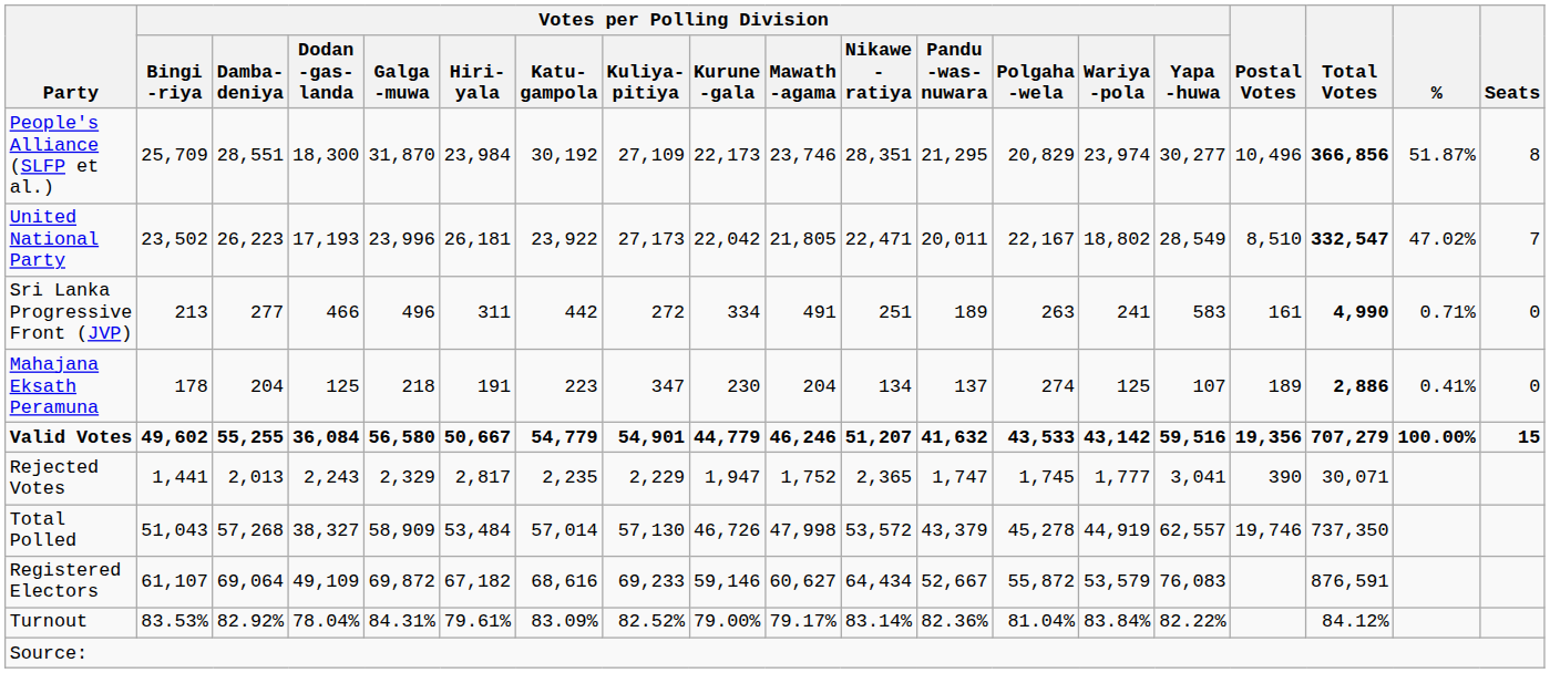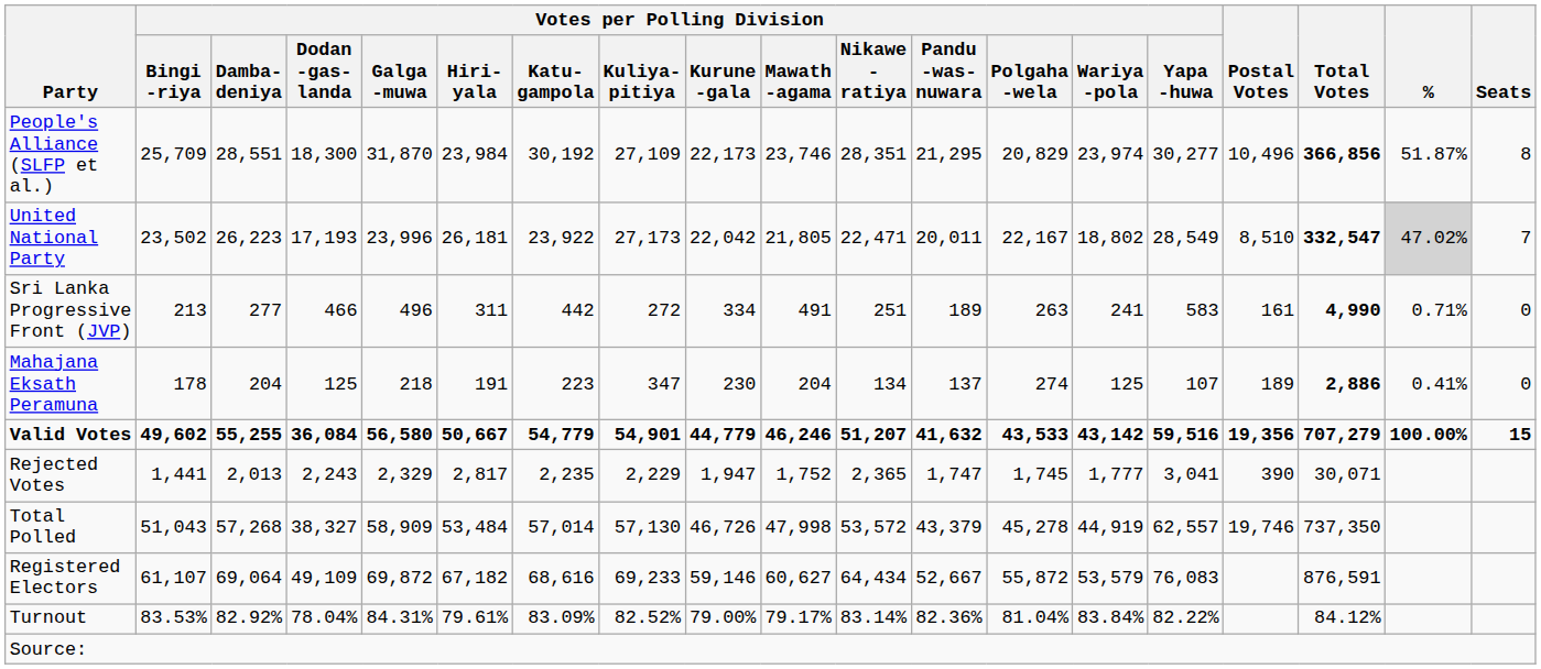 <table class="wikitable" border="1" style="text-align:right;">
 <tr>
 <th align=left valign=bottom rowspan=2 width="180">Party</th>
 <th colspan=14>Votes per Polling Division</th>
 <th align=center valign=bottom rowspan=2 width="50">Postal<br>Votes</th>
 <th align=center valign=bottom rowspan=2 width="50">Total Votes</th>
 <th align=center valign=bottom rowspan=2 width="50">%</th>
 <th align=center valign=bottom rowspan=2 width="40">Seats</th>
 </tr>
 <tr>
 <th align=center valign=bottom width="50">Bingi<br>-riya</th>
 <th align=center valign=bottom width="50">Damba-<br>deniya</th>
 <th align=center valign=bottom width="50">Dodan<br>-gas-<br>landa</th>
 <th align=center valign=bottom width="50">Galga<br>-muwa</th>
 <th align=center valign=bottom width="50">Hiri-<br>yala</th>
 <th align=center valign=bottom width="50">Katu-<br>gampola</th>
 <th align=center valign=bottom width="50">Kuliya-<br>pitiya</th>
 <th align=center valign=bottom width="50">Kurune<br>-gala</th>
 <th align=center valign=bottom width="50">Mawath<br>-agama</th>
 <th align=center valign=bottom width="50">Nikawe<br>-ratiya</th>
 <th align=center valign=bottom width="50">Pandu<br>-was-<br>nuwara</th>
 <th align=center valign=bottom width="50">Polgaha<br>-wela</th>
 <th align=center valign=bottom width="50">Wariya<br>-pola</th>
 <th align=center valign=bottom width="50">Yapa<br>-huwa</th>
 </tr>
 <tr>
 <td align=left><a href='#'>People's Alliance</a> (<a href='#'>SLFP</a> et al.)</td>
 <td>25,709</td>
 <td>28,551</td>
 <td>18,300</td>
 <td>31,870</td>
 <td>23,984</td>
 <td>30,192</td>
 <td>27,109</td>
 <td>22,173</td>
 <td>23,746</td>
 <td>28,351</td>
 <td>21,295</td>
 <td>20,829</td>
 <td>23,974</td>
 <td>30,277</td>
 <td>10,496</td>
 <td><strong>366,856</strong></td>
 <td>51.87%</td>
 <td>8</td>
 </tr>
 <tr>
 <td align=left><a href='#'>United National Party</a></td>
 <td>23,502</td>
 <td>26,223</td>
 <td>17,193</td>
 <td>23,996</td>
 <td>26,181</td>
 <td>23,922</td>
 <td>27,173</td>
 <td>22,042</td>
 <td>21,805</td>
 <td>22,471</td>
 <td>20,011</td>
 <td>22,167</td>
 <td>18,802</td>
 <td>28,549</td>
 <td>8,510</td>
 <td><strong>332,547</strong></td>
-<td>47.02%</td>
+<td style="background: lightgrey;">47.02%</td>
 <td>7</td>
 </tr>
 <tr>
 <td align=left>Sri Lanka Progressive Front (<a href='#'>JVP</a>)</td>
 <td>213</td>
 <td>277</td>
 <td>466</td>
 <td>496</td>
 <td>311</td>
 <td>442</td>
 <td>272</td>
 <td>334</td>
 <td>491</td>
 <td>251</td>
 <td>189</td>
 <td>263</td>
 <td>241</td>
 <td>583</td>
 <td>161</td>
 <td><strong>4,990</strong></td>
 <td>0.71%</td>
 <td>0</td>
 </tr>
 <tr>
 <td align=left><a href='#'>Mahajana Eksath Peramuna</a></td>
 <td>178</td>
 <td>204</td>
 <td>125</td>
 <td>218</td>
 <td>191</td>
 <td>223</td>
 <td>347</td>
 <td>230</td>
 <td>204</td>
 <td>134</td>
 <td>137</td>
 <td>274</td>
 <td>125</td>
 <td>107</td>
 <td>189</td>
 <td><strong>2,886</strong></td>
 <td>0.41%</td>
 <td>0</td>
 </tr>
 <tr>
 <td align=left><strong>Valid Votes</strong></td>
 <td><strong>49,602</strong></td>
 <td><strong>55,255</strong></td>
 <td><strong>36,084</strong></td>
 <td><strong>56,580</strong></td>
 <td><strong>50,667</strong></td>
 <td><strong>54,779</strong></td>
 <td><strong>54,901</strong></td>
 <td><strong>44,779</strong></td>
 <td><strong>46,246</strong></td>
 <td><strong>51,207</strong></td>
 <td><strong>41,632</strong></td>
 <td><strong>43,533</strong></td>
 <td><strong>43,142</strong></td>
 <td><strong>59,516</strong></td>
 <td><strong>19,356</strong></td>
 <td><strong>707,279</strong></td>
 <td><strong>100.00%</strong></td>
 <td><strong>15</strong></td>
 </tr>
 <tr>
 <td align=left>Rejected Votes</td>
 <td>1,441</td>
 <td>2,013</td>
 <td>2,243</td>
 <td>2,329</td>
 <td>2,817</td>
 <td>2,235</td>
 <td>2,229</td>
 <td>1,947</td>
 <td>1,752</td>
 <td>2,365</td>
 <td>1,747</td>
 <td>1,745</td>
 <td>1,777</td>
 <td>3,041</td>
 <td>390</td>
 <td>30,071</td>
 <td></td>
 <td></td>
 </tr>
 <tr>
 <td align=left>Total Polled</td>
 <td>51,043</td>
 <td>57,268</td>
 <td>38,327</td>
 <td>58,909</td>
 <td>53,484</td>
 <td>57,014</td>
 <td>57,130</td>
 <td>46,726</td>
 <td>47,998</td>
 <td>53,572</td>
 <td>43,379</td>
 <td>45,278</td>
 <td>44,919</td>
 <td>62,557</td>
 <td>19,746</td>
 <td>737,350</td>
 <td></td>
 <td></td>
 </tr>
 <tr>
 <td align=left>Registered Electors</td>
 <td>61,107</td>
 <td>69,064</td>
 <td>49,109</td>
 <td>69,872</td>
 <td>67,182</td>
 <td>68,616</td>
 <td>69,233</td>
 <td>59,146</td>
 <td>60,627</td>
 <td>64,434</td>
 <td>52,667</td>
 <td>55,872</td>
 <td>53,579</td>
 <td>76,083</td>
 <td></td>
 <td>876,591</td>
 <td></td>
 <td></td>
 </tr>
 <tr>
 <td align=left>Turnout</td>
 <td>83.53%</td>
 <td>82.92%</td>
 <td>78.04%</td>
 <td>84.31%</td>
 <td>79.61%</td>
 <td>83.09%</td>
 <td>82.52%</td>
 <td>79.00%</td>
 <td>79.17%</td>
 <td>83.14%</td>
 <td>82.36%</td>
 <td>81.04%</td>
 <td>83.84%</td>
 <td>82.22%</td>
 <td></td>
 <td>84.12%</td>
 <td></td>
 <td></td>
 </tr>
 <tr>
 <td align=left colspan=20>Source:</td>
 </tr>
 </table>
